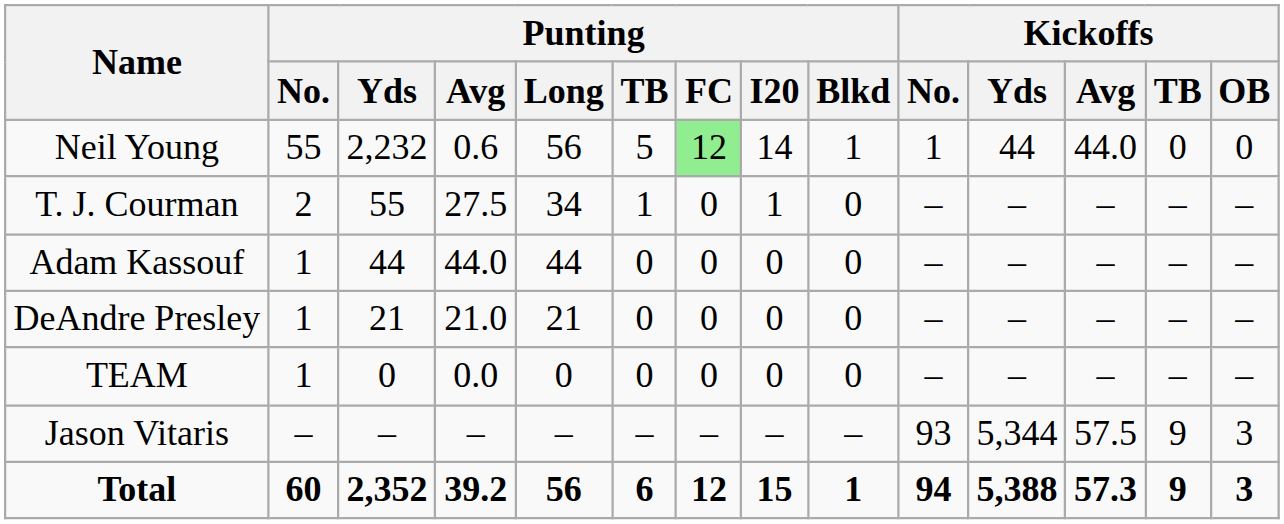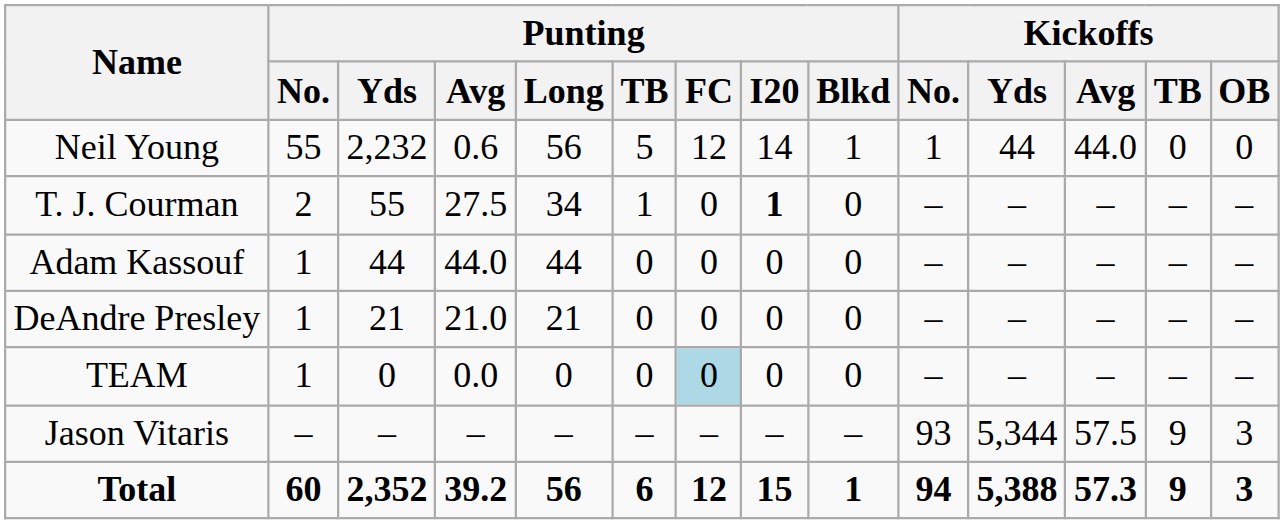 <table class="wikitable" style="white-space:nowrap;text-align:center;">
 <tr>
 <th rowspan="2">Name</th>
 <th colspan="8">Punting</th>
 <th colspan="5">Kickoffs</th>
 </tr>
 <tr>
 <th>No.</th>
 <th>Yds</th>
 <th>Avg</th>
 <th>Long</th>
 <th>TB</th>
 <th>FC</th>
 <th>I20</th>
 <th>Blkd</th>
 <th>No.</th>
 <th>Yds</th>
 <th>Avg</th>
 <th>TB</th>
 <th>OB</th>
 </tr>
 <tr>
 <td>Neil Young</td>
 <td>55</td>
 <td>2,232</td>
 <td>0.6</td>
 <td>56</td>
 <td>5</td>
-<td style="background: lightgreen;">12</td>
+<td>12</td>
 <td>14</td>
 <td>1</td>
 <td>1</td>
 <td>44</td>
 <td>44.0</td>
 <td>0</td>
 <td>0</td>
 </tr>
 <tr>
 <td>T. J. Courman</td>
 <td>2</td>
 <td>55</td>
 <td>27.5</td>
 <td>34</td>
 <td>1</td>
 <td>0</td>
-<td>1</td>
+<td><strong>1</strong></td>
 <td>0</td>
 <td>–</td>
 <td>–</td>
 <td>–</td>
 <td>–</td>
 <td>–</td>
 </tr>
 <tr>
 <td>Adam Kassouf</td>
 <td>1</td>
 <td>44</td>
 <td>44.0</td>
 <td>44</td>
 <td>0</td>
 <td>0</td>
 <td>0</td>
 <td>0</td>
 <td>–</td>
 <td>–</td>
 <td>–</td>
 <td>–</td>
 <td>–</td>
 </tr>
 <tr>
 <td>DeAndre Presley</td>
 <td>1</td>
 <td>21</td>
 <td>21.0</td>
 <td>21</td>
 <td>0</td>
 <td>0</td>
 <td>0</td>
 <td>0</td>
 <td>–</td>
 <td>–</td>
 <td>–</td>
 <td>–</td>
 <td>–</td>
 </tr>
 <tr>
 <td>TEAM</td>
 <td>1</td>
 <td>0</td>
 <td>0.0</td>
 <td>0</td>
 <td>0</td>
-<td>0</td>
+<td style="background: lightblue;">0</td>
 <td>0</td>
 <td>0</td>
 <td>–</td>
 <td>–</td>
 <td>–</td>
 <td>–</td>
 <td>–</td>
 </tr>
 <tr>
 <td>Jason Vitaris</td>
 <td>–</td>
 <td>–</td>
 <td>–</td>
 <td>–</td>
 <td>–</td>
 <td>–</td>
 <td>–</td>
 <td>–</td>
 <td>93</td>
 <td>5,344</td>
 <td>57.5</td>
 <td>9</td>
 <td>3</td>
 </tr>
 <tr>
 <td><strong>Total</strong></td>
 <td><strong>60</strong></td>
 <td><strong>2,352</strong></td>
 <td><strong>39.2</strong></td>
 <td><strong>56</strong></td>
 <td><strong>6</strong></td>
 <td><strong>12</strong></td>
 <td><strong>15</strong></td>
 <td><strong>1</strong></td>
 <td><strong>94</strong></td>
 <td><strong>5,388</strong></td>
 <td><strong>57.3</strong></td>
 <td><strong>9</strong></td>
 <td><strong>3</strong></td>
 </tr>
 </table>
